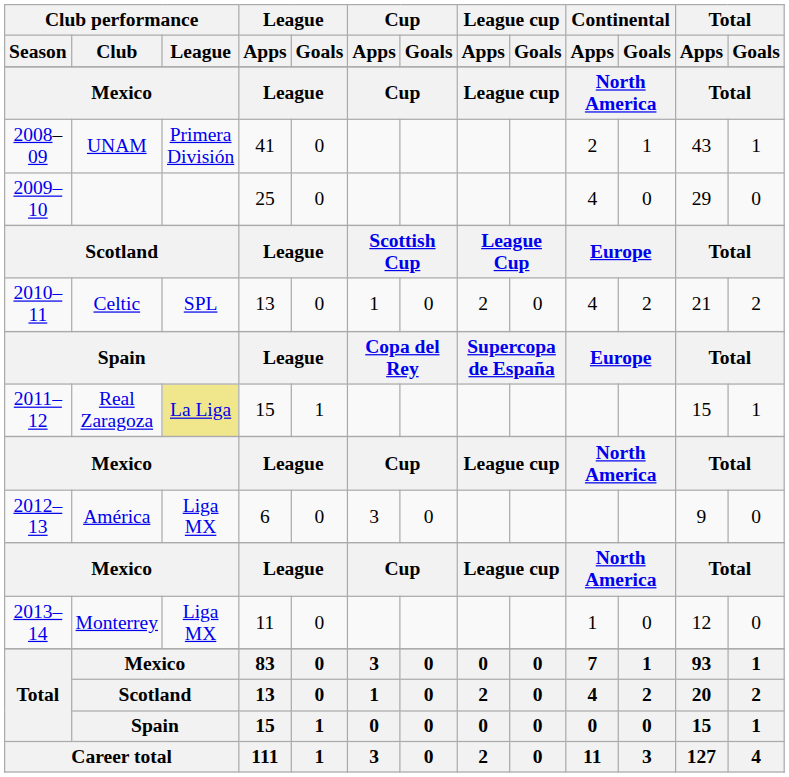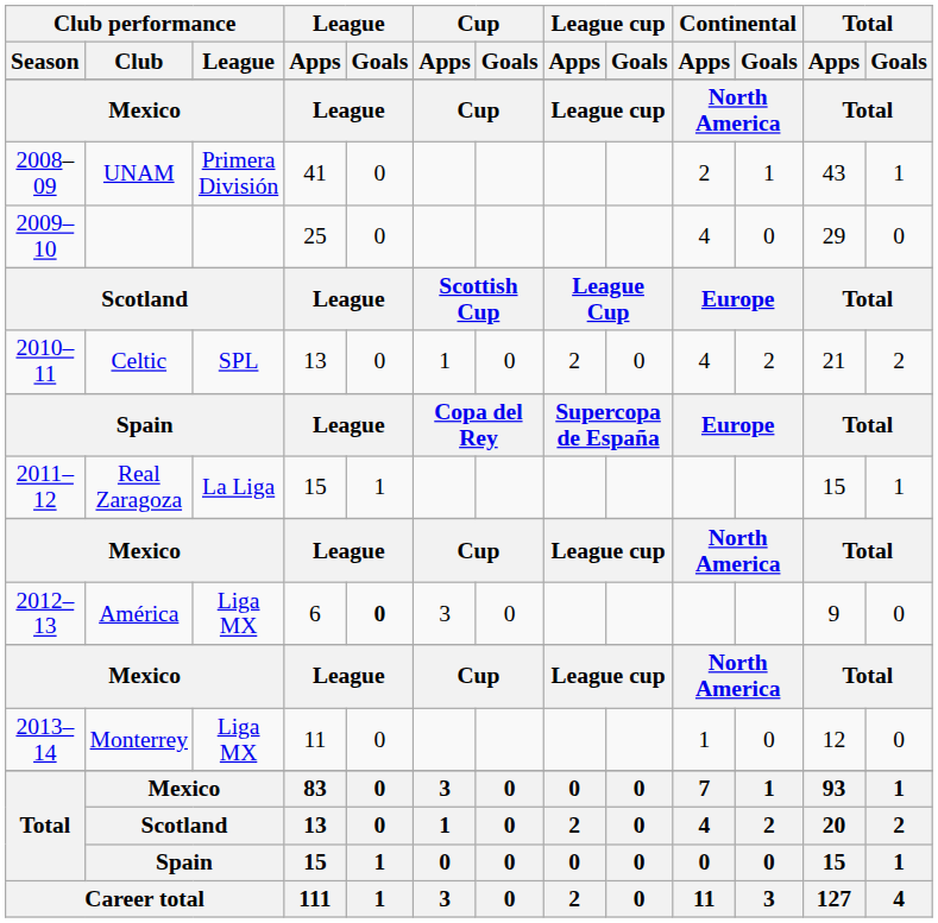 <table class="wikitable" style="text-align:center">
 <tr>
 <th colspan="3">Club performance</th>
 <th colspan="2">League</th>
 <th colspan="2">Cup</th>
 <th colspan="2">League cup</th>
 <th colspan="2">Continental</th>
 <th colspan="2">Total</th>
 </tr>
 <tr>
 <th>Season</th>
 <th>Club</th>
 <th>League</th>
 <th>Apps</th>
 <th>Goals</th>
 <th>Apps</th>
 <th>Goals</th>
 <th>Apps</th>
 <th>Goals</th>
 <th>Apps</th>
 <th>Goals</th>
 <th>Apps</th>
 <th>Goals</th>
 </tr>
 <tr>
 </tr>
 <tr>
 <th colspan="3">Mexico</th>
 <th colspan="2">League</th>
 <th colspan="2">Cup</th>
 <th colspan="2">League cup</th>
 <th colspan="2"><a href='#'>North America</a></th>
 <th colspan="2">Total</th>
 </tr>
 <tr>
 <td><a href='#'>2008</a>–<a href='#'>09</a></td>
 <td rowspan="""2"><a href='#'>UNAM</a></td>
 <td rowspan="""2"><a href='#'>Primera División</a></td>
 <td>41</td>
 <td>0</td>
 <td></td>
 <td></td>
 <td></td>
 <td></td>
 <td>2</td>
 <td>1</td>
 <td>43</td>
 <td>1</td>
 </tr>
 <tr>
 <td><a href='#'>2009–10</a></td>
 <td></td>
 <td></td>
 <td>25</td>
 <td>0</td>
 <td></td>
 <td></td>
 <td></td>
 <td></td>
 <td>4</td>
 <td>0</td>
 <td>29</td>
 <td>0</td>
 </tr>
 <tr>
 </tr>
 <tr>
 <th colspan="3">Scotland</th>
 <th colspan="2">League</th>
 <th colspan="2"><a href='#'>Scottish Cup</a></th>
 <th colspan="2"><a href='#'>League Cup</a></th>
 <th colspan="2"><a href='#'>Europe</a></th>
 <th colspan="2">Total</th>
 </tr>
 <tr>
 <td><a href='#'>2010–11</a></td>
 <td><a href='#'>Celtic</a></td>
 <td><a href='#'>SPL</a></td>
 <td>13</td>
 <td>0</td>
 <td>1</td>
 <td>0</td>
 <td>2</td>
 <td>0</td>
 <td>4</td>
 <td>2</td>
 <td>21</td>
 <td>2</td>
 </tr>
 <tr>
 </tr>
 <tr>
 <th colspan="3">Spain</th>
 <th colspan="2">League</th>
 <th colspan="2"><a href='#'>Copa del Rey</a></th>
 <th colspan="2"><a href='#'>Supercopa de España</a></th>
 <th colspan="2"><a href='#'>Europe</a></th>
 <th colspan="2">Total</th>
 </tr>
 <tr>
 <td><a href='#'>2011–12</a></td>
 <td><a href='#'>Real Zaragoza</a></td>
-<td style="background: khaki;"><a href='#'>La Liga</a></td>
+<td><a href='#'>La Liga</a></td>
 <td>15</td>
 <td>1</td>
 <td></td>
 <td></td>
 <td></td>
 <td></td>
 <td></td>
 <td></td>
 <td>15</td>
 <td>1</td>
 </tr>
 <tr>
 </tr>
 <tr>
 <th colspan="3">Mexico</th>
 <th colspan="2">League</th>
 <th colspan="2">Cup</th>
 <th colspan="2">League cup</th>
 <th colspan="2"><a href='#'>North America</a></th>
 <th colspan="2">Total</th>
 </tr>
 <tr>
 <td><a href='#'>2012–13</a></td>
 <td><a href='#'>América</a></td>
 <td><a href='#'>Liga MX</a></td>
 <td>6</td>
-<td>0</td>
+<td><strong>0</strong></td>
 <td>3</td>
 <td>0</td>
 <td></td>
 <td></td>
 <td></td>
 <td></td>
 <td>9</td>
 <td>0</td>
 </tr>
 <tr>
 </tr>
 <tr>
 <th colspan="3">Mexico</th>
 <th colspan="2">League</th>
 <th colspan="2">Cup</th>
 <th colspan="2">League cup</th>
 <th colspan="2"><a href='#'>North America</a></th>
 <th colspan="2">Total</th>
 </tr>
 <tr>
 <td><a href='#'>2013–14</a></td>
 <td><a href='#'>Monterrey</a></td>
 <td><a href='#'>Liga MX</a></td>
 <td>11</td>
 <td>0</td>
 <td></td>
 <td></td>
 <td></td>
 <td></td>
 <td>1</td>
 <td>0</td>
 <td>12</td>
 <td>0</td>
 </tr>
 <tr>
 </tr>
 <tr>
 <th rowspan="3">Total</th>
 <th colspan="2">Mexico</th>
 <th>83</th>
 <th>0</th>
 <th>3</th>
 <th>0</th>
 <th>0</th>
 <th>0</th>
 <th>7</th>
 <th>1</th>
 <th>93</th>
 <th>1</th>
 </tr>
 <tr>
 <th colspan="2">Scotland</th>
 <th>13</th>
 <th>0</th>
 <th>1</th>
 <th>0</th>
 <th>2</th>
 <th>0</th>
 <th>4</th>
 <th>2</th>
 <th>20</th>
 <th>2</th>
 </tr>
 <tr>
 <th colspan="2">Spain</th>
 <th>15</th>
 <th>1</th>
 <th>0</th>
 <th>0</th>
 <th>0</th>
 <th>0</th>
 <th>0</th>
 <th>0</th>
 <th>15</th>
 <th>1</th>
 </tr>
 <tr>
 <th colspan="3">Career total</th>
 <th>111</th>
 <th>1</th>
 <th>3</th>
 <th>0</th>
 <th>2</th>
 <th>0</th>
 <th>11</th>
 <th>3</th>
 <th>127</th>
 <th>4</th>
 </tr>
 </table>
